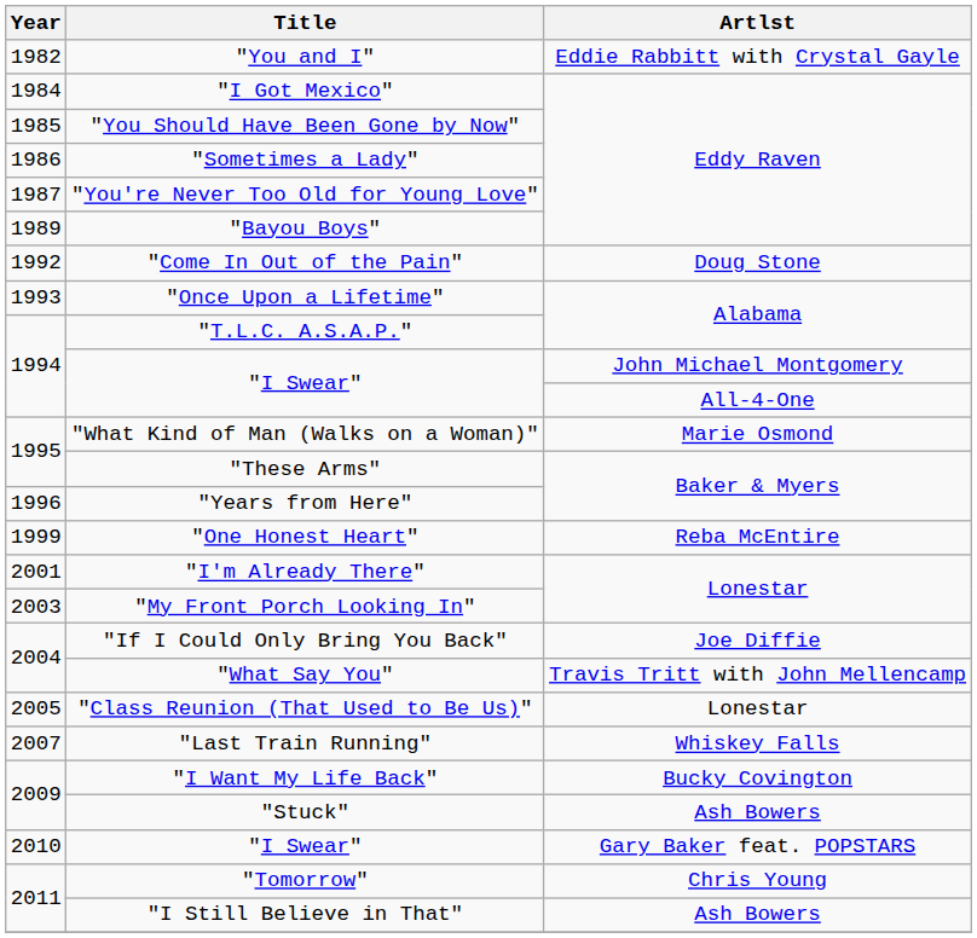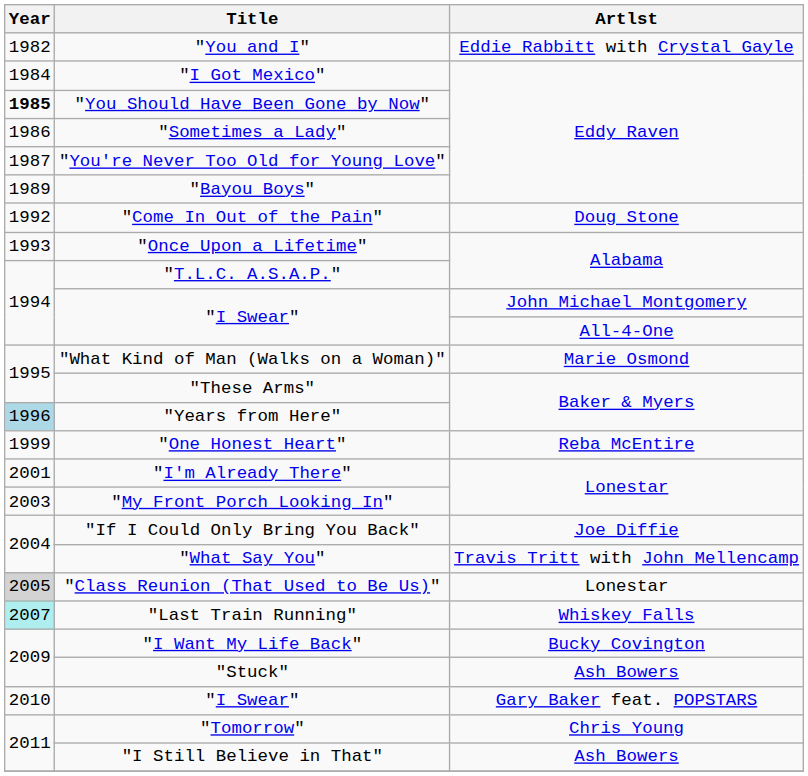 <table class="wikitable">
 <tr>
 <th width="auto">Year</th>
 <th width="auto">Title</th>
 <th width="auto">Artlst</th>
 </tr>
 <tr>
 <td align="center">1982</td>
 <td align="center">"<a href='#'>You and I</a>"</td>
 <td align="center"><a href='#'>Eddie Rabbitt</a> with <a href='#'>Crystal Gayle</a></td>
 </tr>
 <tr>
 <td align="center">1984</td>
 <td align="center">"<a href='#'>I Got Mexico</a>"</td>
 <td align="center" rowspan="5"><a href='#'>Eddy Raven</a></td>
 </tr>
 <tr>
-<td align="center">1985</td>
+<td align="center"><strong>1985</strong></td>
 <td align="center">"<a href='#'>You Should Have Been Gone by Now</a>"</td>
 </tr>
 <tr>
 <td align="center">1986</td>
 <td align="center">"<a href='#'>Sometimes a Lady</a>"</td>
 </tr>
 <tr>
 <td align="center">1987</td>
 <td align="center">"<a href='#'>You're Never Too Old for Young Love</a>"</td>
 </tr>
 <tr>
 <td align="center">1989</td>
 <td align="center">"<a href='#'>Bayou Boys</a>"</td>
 </tr>
 <tr>
 <td align="center">1992</td>
 <td align="center">"<a href='#'>Come In Out of the Pain</a>"</td>
 <td align="center"><a href='#'>Doug Stone</a></td>
 </tr>
 <tr>
 <td align="center">1993</td>
 <td align="center">"<a href='#'>Once Upon a Lifetime</a>"</td>
 <td align="center" rowspan=2><a href='#'>Alabama</a></td>
 </tr>
 <tr>
 <td align="center" rowspan="3">1994</td>
 <td align="center">"<a href='#'>T.L.C. A.S.A.P.</a>"</td>
 </tr>
 <tr>
 <td align="center" rowspan=2>"<a href='#'>I Swear</a>"</td>
 <td align="center"><a href='#'>John Michael Montgomery</a></td>
 </tr>
 <tr>
 <td align="center"><a href='#'>All-4-One</a></td>
 </tr>
 <tr>
 <td align="center" rowspan=2>1995</td>
 <td align="center">"What Kind of Man (Walks on a Woman)"</td>
 <td align="center"><a href='#'>Marie Osmond</a></td>
 </tr>
 <tr>
 <td align="center">"These Arms"</td>
 <td align="center" rowspan=2><a href='#'>Baker & Myers</a></td>
 </tr>
 <tr>
-<td align="center">1996</td>
+<td align="center" style="background: lightblue;">1996</td>
 <td align="center">"Years from Here"</td>
 </tr>
 <tr>
 <td align="center">1999</td>
 <td align="center">"<a href='#'>One Honest Heart</a>"</td>
 <td align="center"><a href='#'>Reba McEntire</a></td>
 </tr>
 <tr>
 <td align="center">2001</td>
 <td align="center">"<a href='#'>I'm Already There</a>"</td>
 <td align="center" rowspan="2"><a href='#'>Lonestar</a></td>
 </tr>
 <tr>
 <td align="center">2003</td>
 <td align="center">"<a href='#'>My Front Porch Looking In</a>"</td>
 </tr>
 <tr>
 <td align="center" rowspan=2>2004</td>
 <td align="center">"If I Could Only Bring You Back"</td>
 <td align="center"><a href='#'>Joe Diffie</a></td>
 </tr>
 <tr>
 <td align="center">"<a href='#'>What Say You</a>"</td>
 <td align="center"><a href='#'>Travis Tritt</a> with <a href='#'>John Mellencamp</a></td>
 </tr>
 <tr>
-<td align="center">2005</td>
+<td align="center" style="background: lightgrey;">2005</td>
 <td align="center">"<a href='#'>Class Reunion (That Used to Be Us)</a>"</td>
 <td align="center">Lonestar</td>
 </tr>
 <tr>
-<td align="center">2007</td>
+<td align="center" style="background: paleturquoise;">2007</td>
 <td align="center">"Last Train Running"</td>
 <td align="center"><a href='#'>Whiskey Falls</a></td>
 </tr>
 <tr>
 <td align="center" rowspan=2>2009</td>
 <td align="center">"<a href='#'>I Want My Life Back</a>"</td>
 <td align="center"><a href='#'>Bucky Covington</a></td>
 </tr>
 <tr>
 <td align="center">"Stuck"</td>
 <td align="center"><a href='#'>Ash Bowers</a></td>
 </tr>
 <tr>
 <td align="center">2010</td>
 <td align="center">"<a href='#'>I Swear</a>"</td>
 <td align="center"><a href='#'>Gary Baker</a> feat. <a href='#'>POPSTARS</a></td>
 </tr>
 <tr>
 <td align="center" rowspan=2>2011</td>
 <td align="center">"<a href='#'>Tomorrow</a>"</td>
 <td align="center"><a href='#'>Chris Young</a></td>
 </tr>
 <tr>
 <td align="center">"I Still Believe in That"</td>
 <td align="center"><a href='#'>Ash Bowers</a></td>
 </tr>
 <tr>
 </tr>
 </table>
